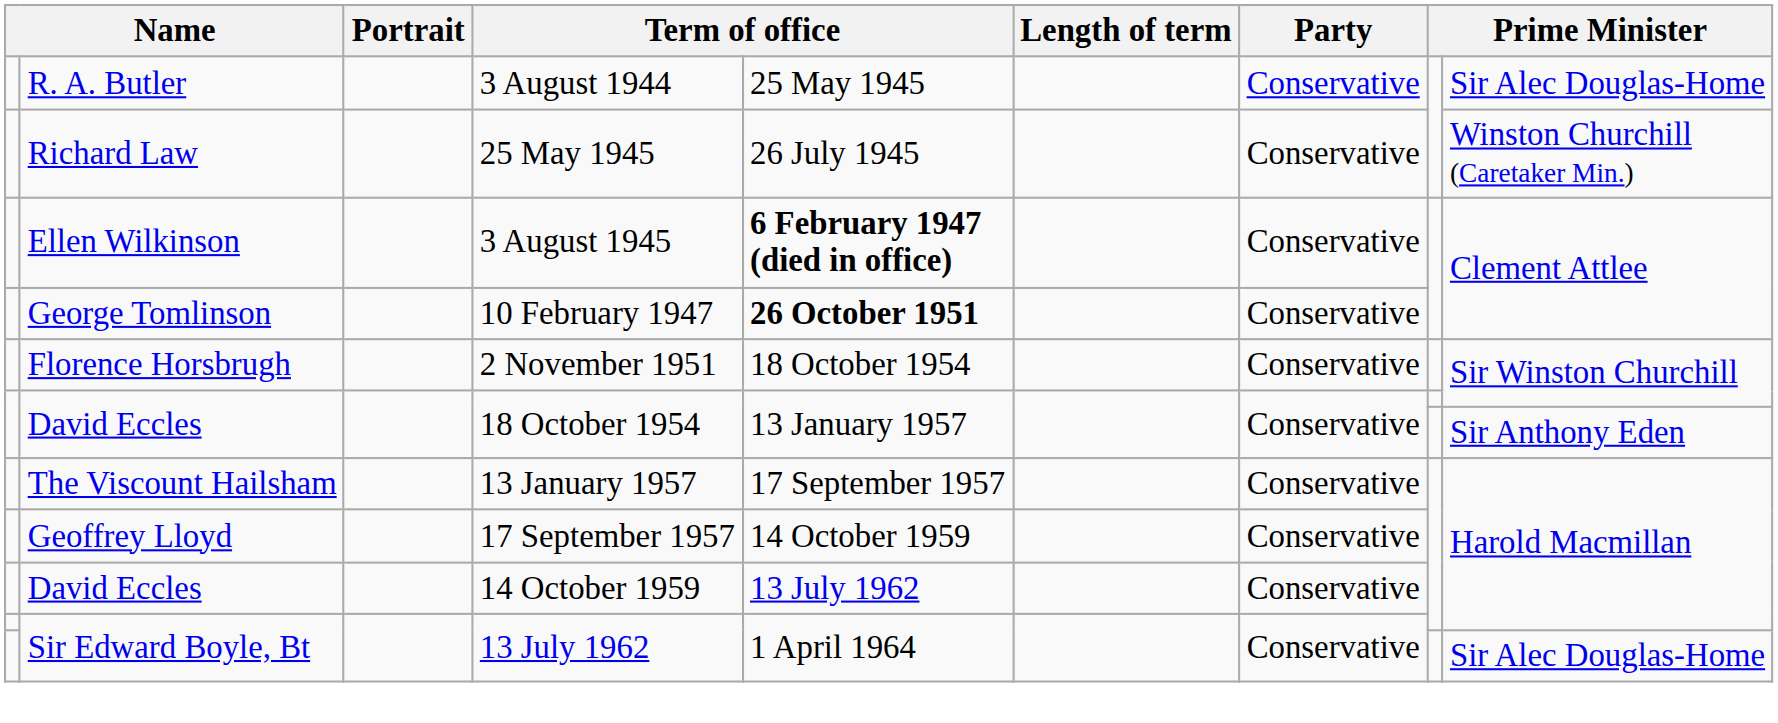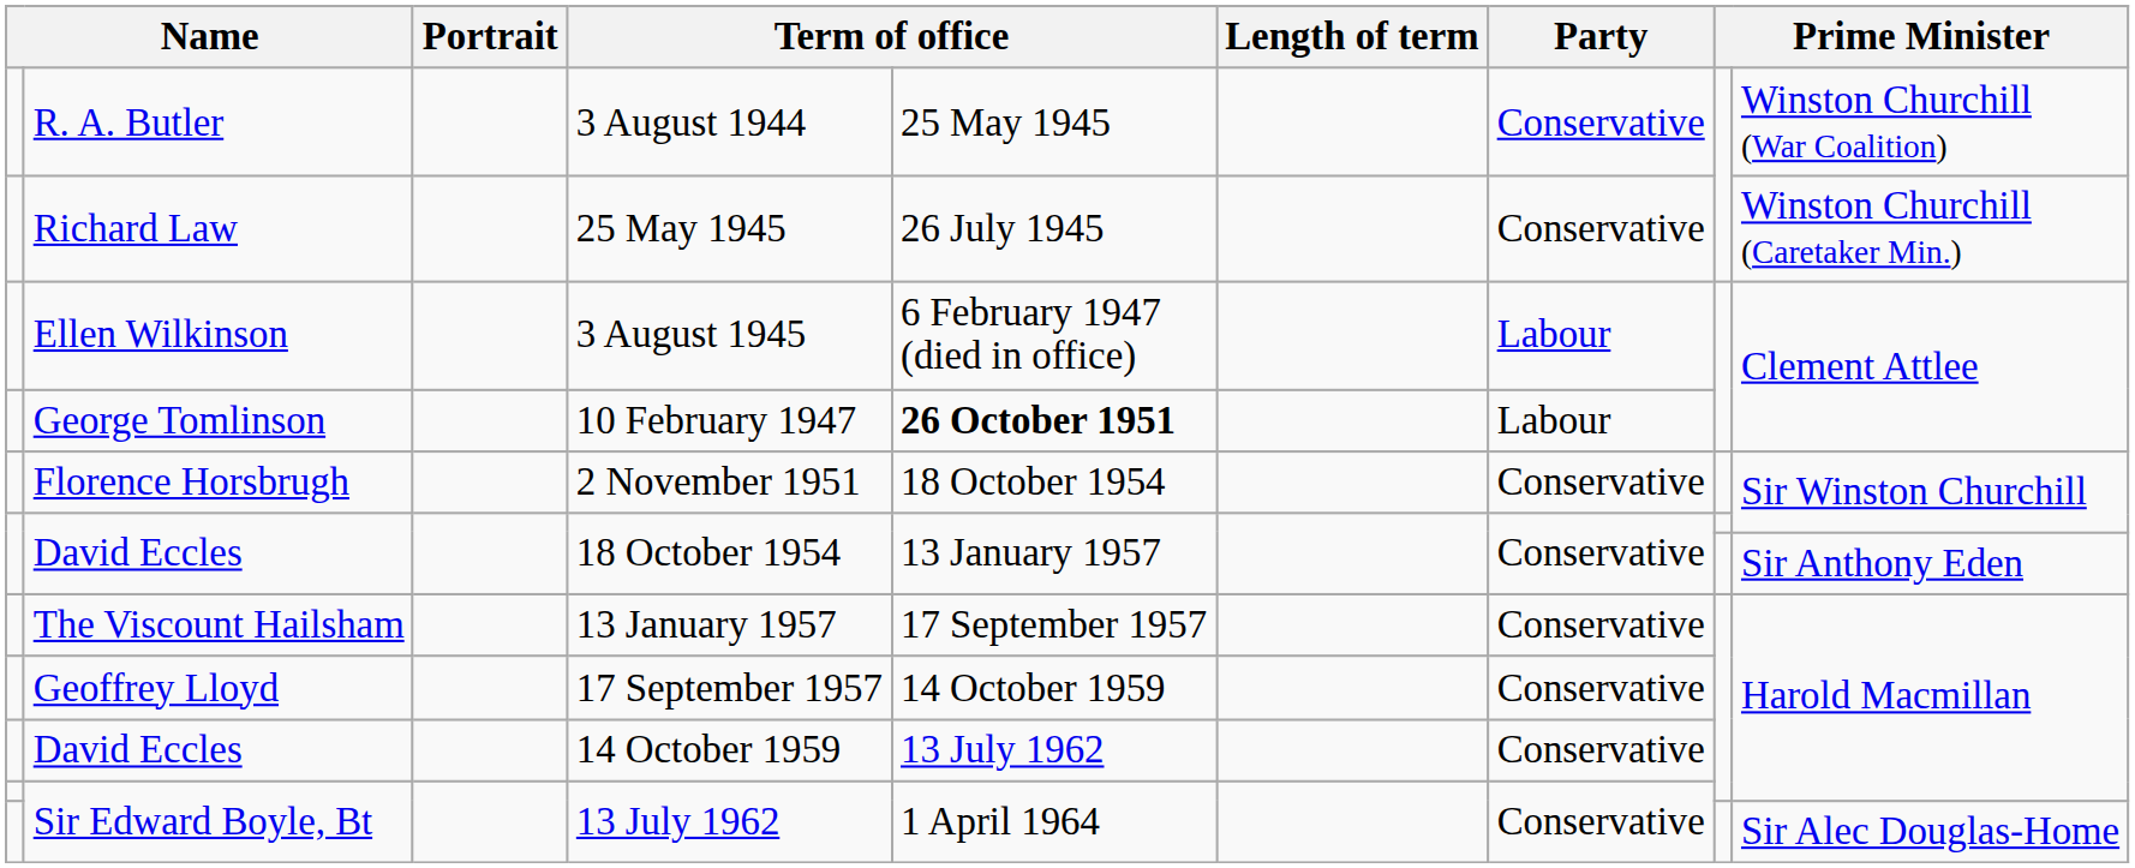 <table class="wikitable">
 <tr>
 <th colspan=2>Name</th>
 <th>Portrait</th>
 <th colspan=2>Term of office</th>
 <th>Length of term</th>
 <th>Party</th>
 <th colspan=2>Prime Minister</th>
 </tr>
 <tr>
 <td style="background-color: "></td>
 <td><a href='#'>R. A. Butler</a></td>
 <td></td>
 <td>3 August 1944</td>
 <td>25 May 1945</td>
 <td></td>
 <td><a href='#'>Conservative</a></td>
 <td rowspan=2 style="background-color: "></td>
-<td><a href='#'>Sir Alec Douglas-Home</a></td>
+<td><a href='#'>Winston Churchill</a><br><small>(<a href='#'>War Coalition</a>)</small></td>
 </tr>
 <tr>
 <td style="background-color: "></td>
 <td><a href='#'>Richard Law</a></td>
 <td></td>
 <td>25 May 1945</td>
 <td>26 July 1945</td>
 <td></td>
 <td>Conservative</td>
 <td><a href='#'>Winston Churchill</a><br><small>(<a href='#'>Caretaker Min.</a>)</small></td>
 </tr>
 <tr>
 <td style="background-color: "></td>
 <td><a href='#'>Ellen Wilkinson</a></td>
 <td></td>
 <td>3 August 1945</td>
-<td><strong>6 February 1947<br>(died in office)</strong></td>
+<td>6 February 1947<br>(died in office)</td>
 <td></td>
-<td>Conservative</td>
+<td><a href='#'>Labour</a></td>
 <td rowspan=2 style="background-color: "></td>
 <td rowspan=2><a href='#'>Clement Attlee</a></td>
 </tr>
 <tr>
 <td style="background-color: "></td>
 <td><a href='#'>George Tomlinson</a></td>
 <td></td>
 <td>10 February 1947</td>
 <td><strong>26 October 1951</strong></td>
 <td></td>
-<td>Conservative</td>
+<td>Labour</td>
 </tr>
 <tr>
 <td style="background-color: "></td>
 <td><a href='#'>Florence Horsbrugh</a></td>
 <td></td>
 <td>2 November 1951</td>
 <td>18 October 1954</td>
 <td></td>
 <td>Conservative</td>
 <td style="background-color: "></td>
 <td rowspan=2><a href='#'>Sir Winston Churchill</a></td>
 </tr>
 <tr>
 <td rowspan=2 style="background-color: "></td>
 <td rowspan=2><a href='#'>David Eccles</a></td>
 <td rowspan=2></td>
 <td rowspan=2>18 October 1954</td>
 <td rowspan=2>13 January 1957</td>
 <td rowspan=2></td>
 <td rowspan=2>Conservative</td>
 <td style="background-color: "></td>
 </tr>
 <tr>
 <td style="background-color: "></td>
 <td><a href='#'>Sir Anthony Eden</a></td>
 </tr>
 <tr>
 <td style="background-color: "></td>
 <td><a href='#'>The Viscount Hailsham</a></td>
 <td></td>
 <td>13 January 1957</td>
 <td>17 September 1957</td>
 <td></td>
 <td>Conservative</td>
 <td rowspan=4 style="background-color: "></td>
 <td rowspan=4><a href='#'>Harold Macmillan</a></td>
 </tr>
 <tr>
 <td style="background-color: "></td>
 <td><a href='#'>Geoffrey Lloyd</a></td>
 <td></td>
 <td>17 September 1957</td>
 <td>14 October 1959</td>
 <td></td>
 <td>Conservative</td>
 </tr>
 <tr>
 <td style="background-color: "></td>
 <td><a href='#'>David Eccles</a></td>
 <td></td>
 <td>14 October 1959</td>
 <td><a href='#'>13 July 1962</a></td>
 <td></td>
 <td>Conservative</td>
 </tr>
 <tr>
 <td style="background-color: "></td>
 <td rowspan=2><a href='#'>Sir Edward Boyle, Bt</a></td>
 <td rowspan=2></td>
 <td rowspan=2><a href='#'>13 July 1962</a></td>
 <td rowspan=2>1 April 1964</td>
 <td rowspan=2></td>
 <td rowspan=2>Conservative</td>
 </tr>
 <tr>
 <td style="background-color: "></td>
 <td style="background-color: "></td>
 <td><a href='#'>Sir Alec Douglas-Home</a></td>
 </tr>
 </table>
